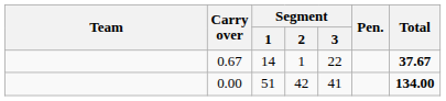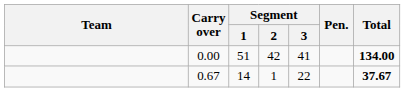 <table class=wikitable style="text-align:center">
 <tr>
 <th rowspan="2" width=220>Team</th>
 <th rowspan=2 width=40>Carry over</th>
 <th colspan=3>Segment</th>
 <th rowspan=2 width=35>Pen.</th>
 <th rowspan=2 width=50>Total</th>
 </tr>
 <tr>
 <th width=30>1</th>
 <th width=30>2</th>
 <th width=30>3</th>
 </tr>
 <tr>
+<td align=left><strong></strong></td>
+<td>0.00</td>
+<td>51</td>
+<td>42</td>
+<td>41</td>
+<td></td>
+<td><strong>134.00</strong></td>
+</tr>
+<tr>
 <td align=left></td>
 <td>0.67</td>
 <td>14</td>
 <td>1</td>
 <td>22</td>
 <td></td>
 <td><strong>37.67</strong></td>
 </tr>
-<tr>
-<td align=left><strong></strong></td>
-<td>0.00</td>
-<td>51</td>
-<td>42</td>
-<td>41</td>
-<td></td>
-<td><strong>134.00</strong></td>
-</tr>
 </table>
